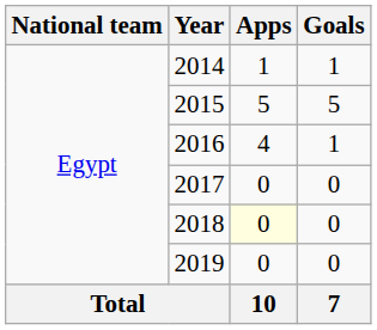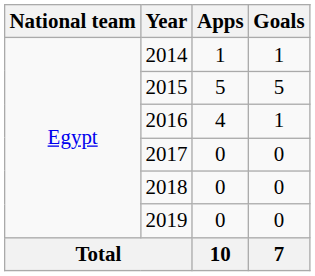 <table class=wikitable style="text-align: center">
 <tr>
 <th>National team</th>
 <th>Year</th>
 <th>Apps</th>
 <th>Goals</th>
 </tr>
 <tr>
 <td rowspan=6><a href='#'>Egypt</a></td>
 <td>2014</td>
 <td>1</td>
 <td>1</td>
 </tr>
 <tr>
 <td>2015</td>
 <td>5</td>
 <td>5</td>
 </tr>
 <tr>
 <td>2016</td>
 <td>4</td>
 <td>1</td>
 </tr>
 <tr>
 <td>2017</td>
 <td>0</td>
 <td>0</td>
 </tr>
 <tr>
 <td>2018</td>
-<td style="background: lightyellow;">0</td>
+<td>0</td>
 <td>0</td>
 </tr>
 <tr>
 <td>2019</td>
 <td>0</td>
 <td>0</td>
 </tr>
 <tr>
 <th colspan=2>Total</th>
 <th>10</th>
 <th>7</th>
 </tr>
 </table>
